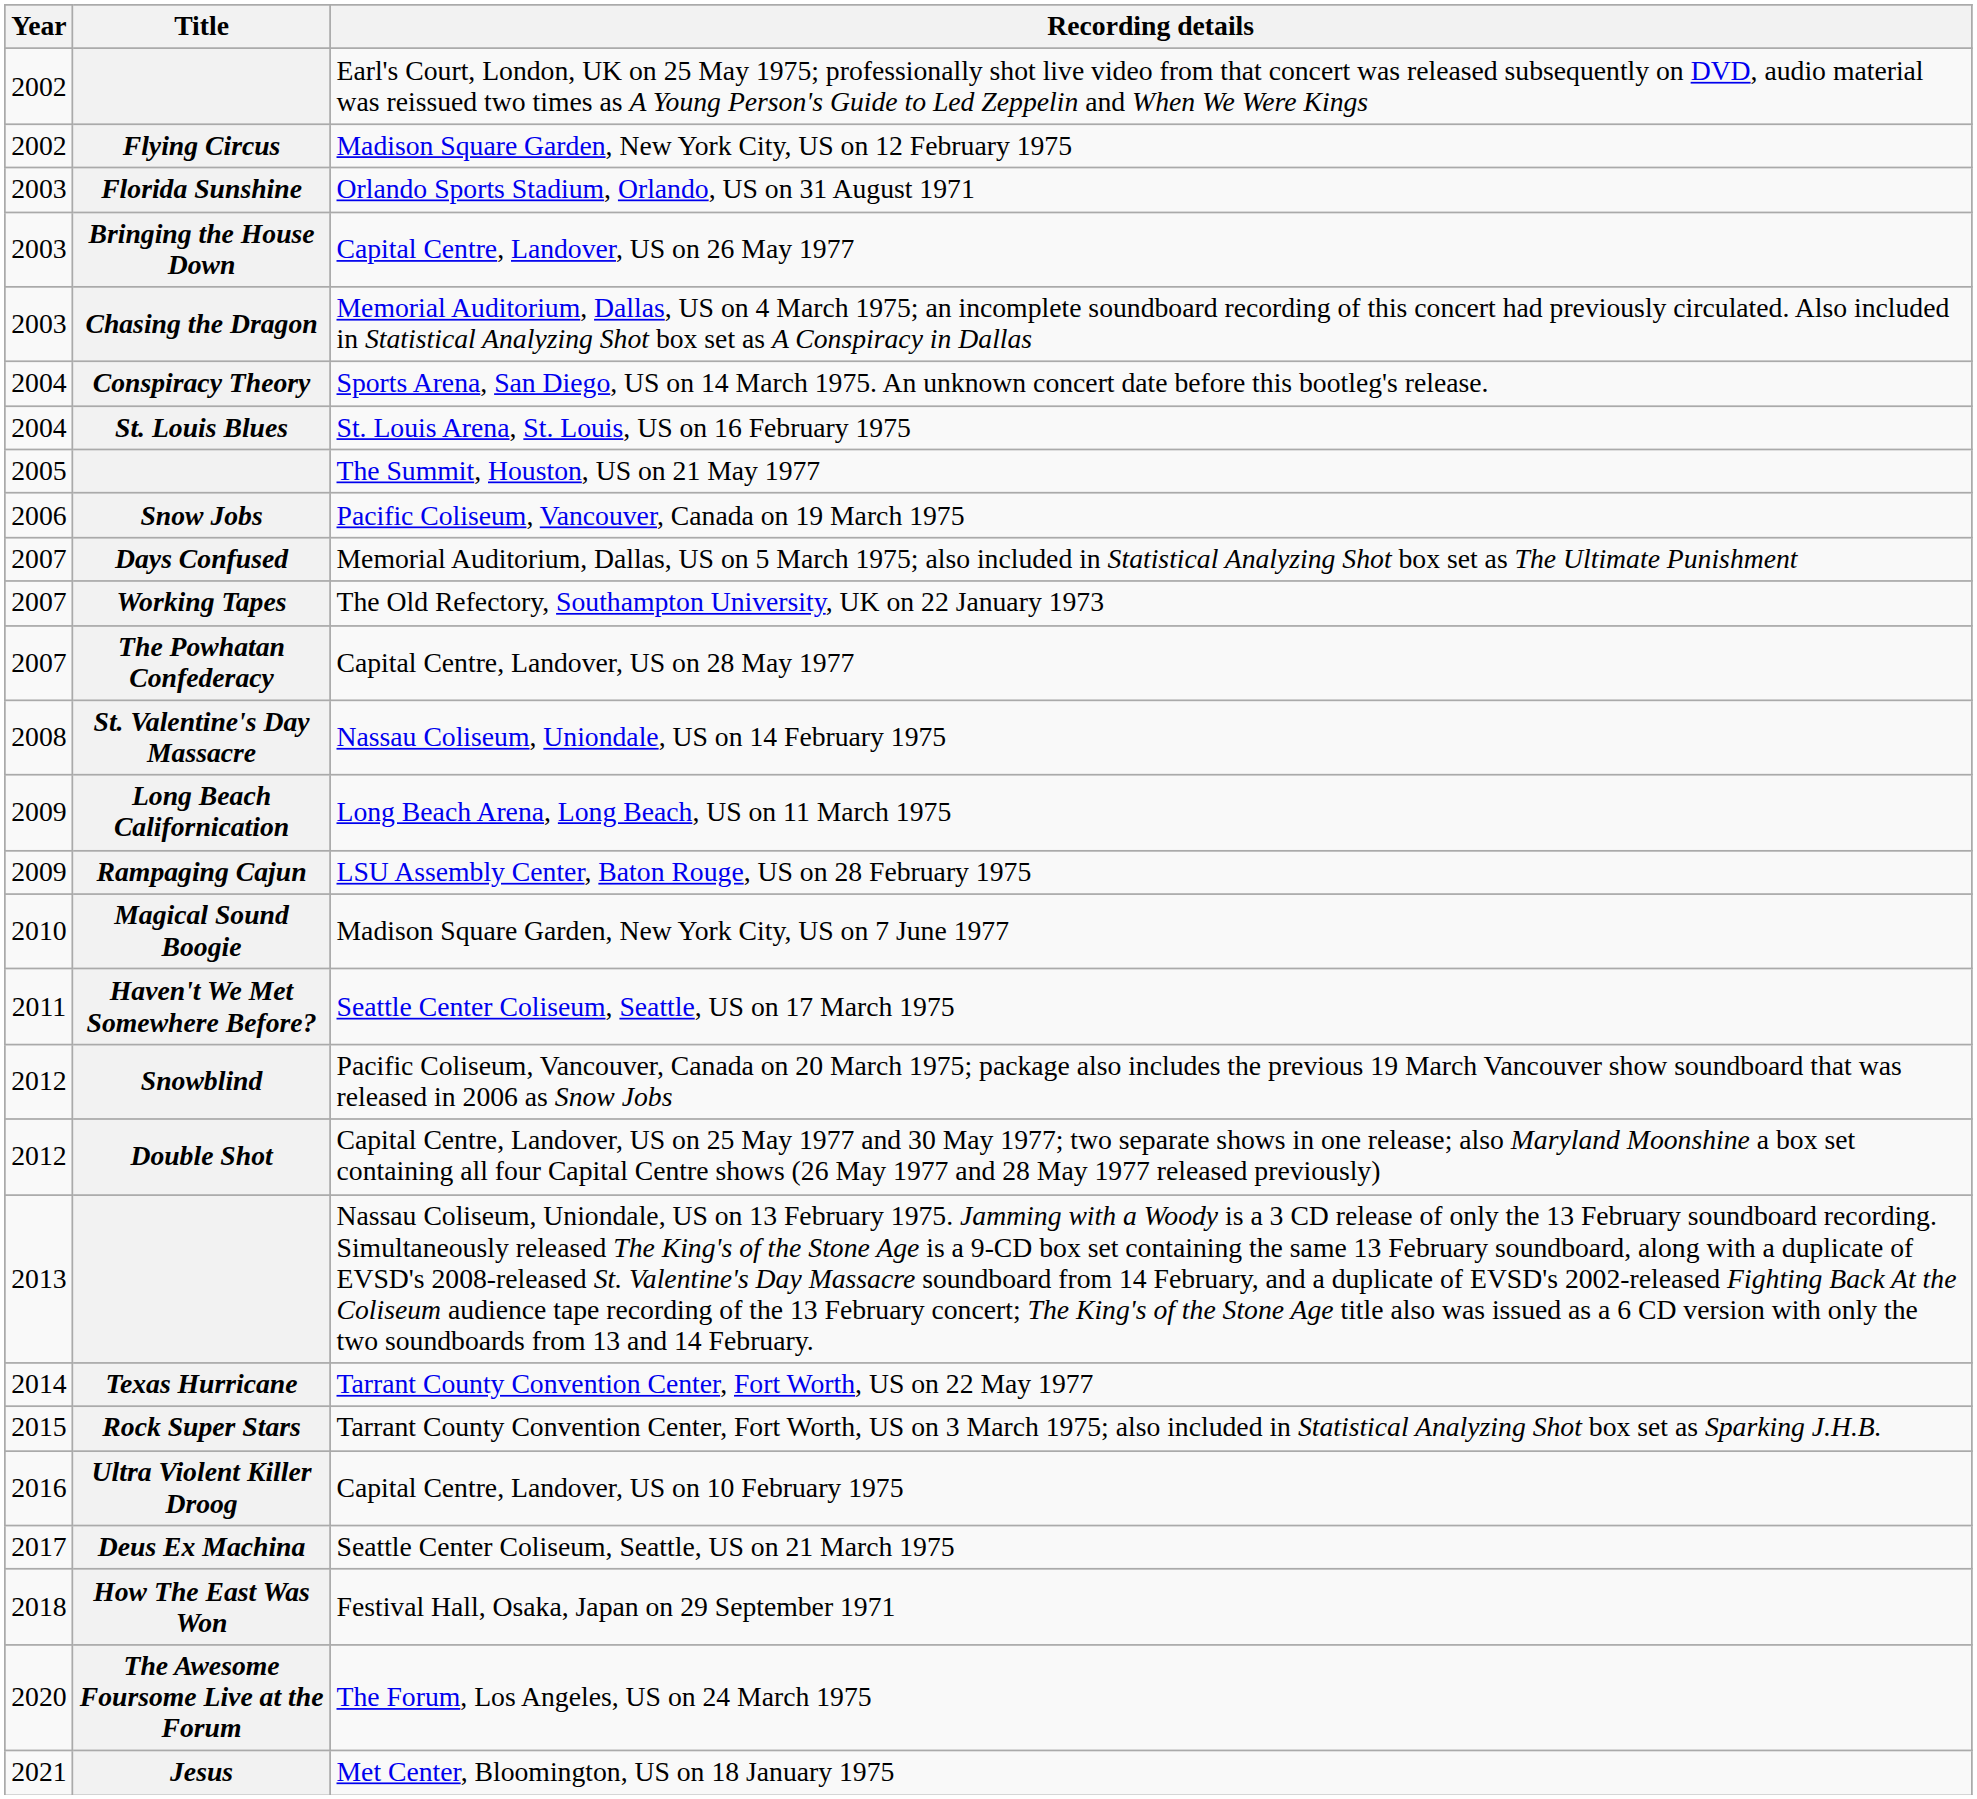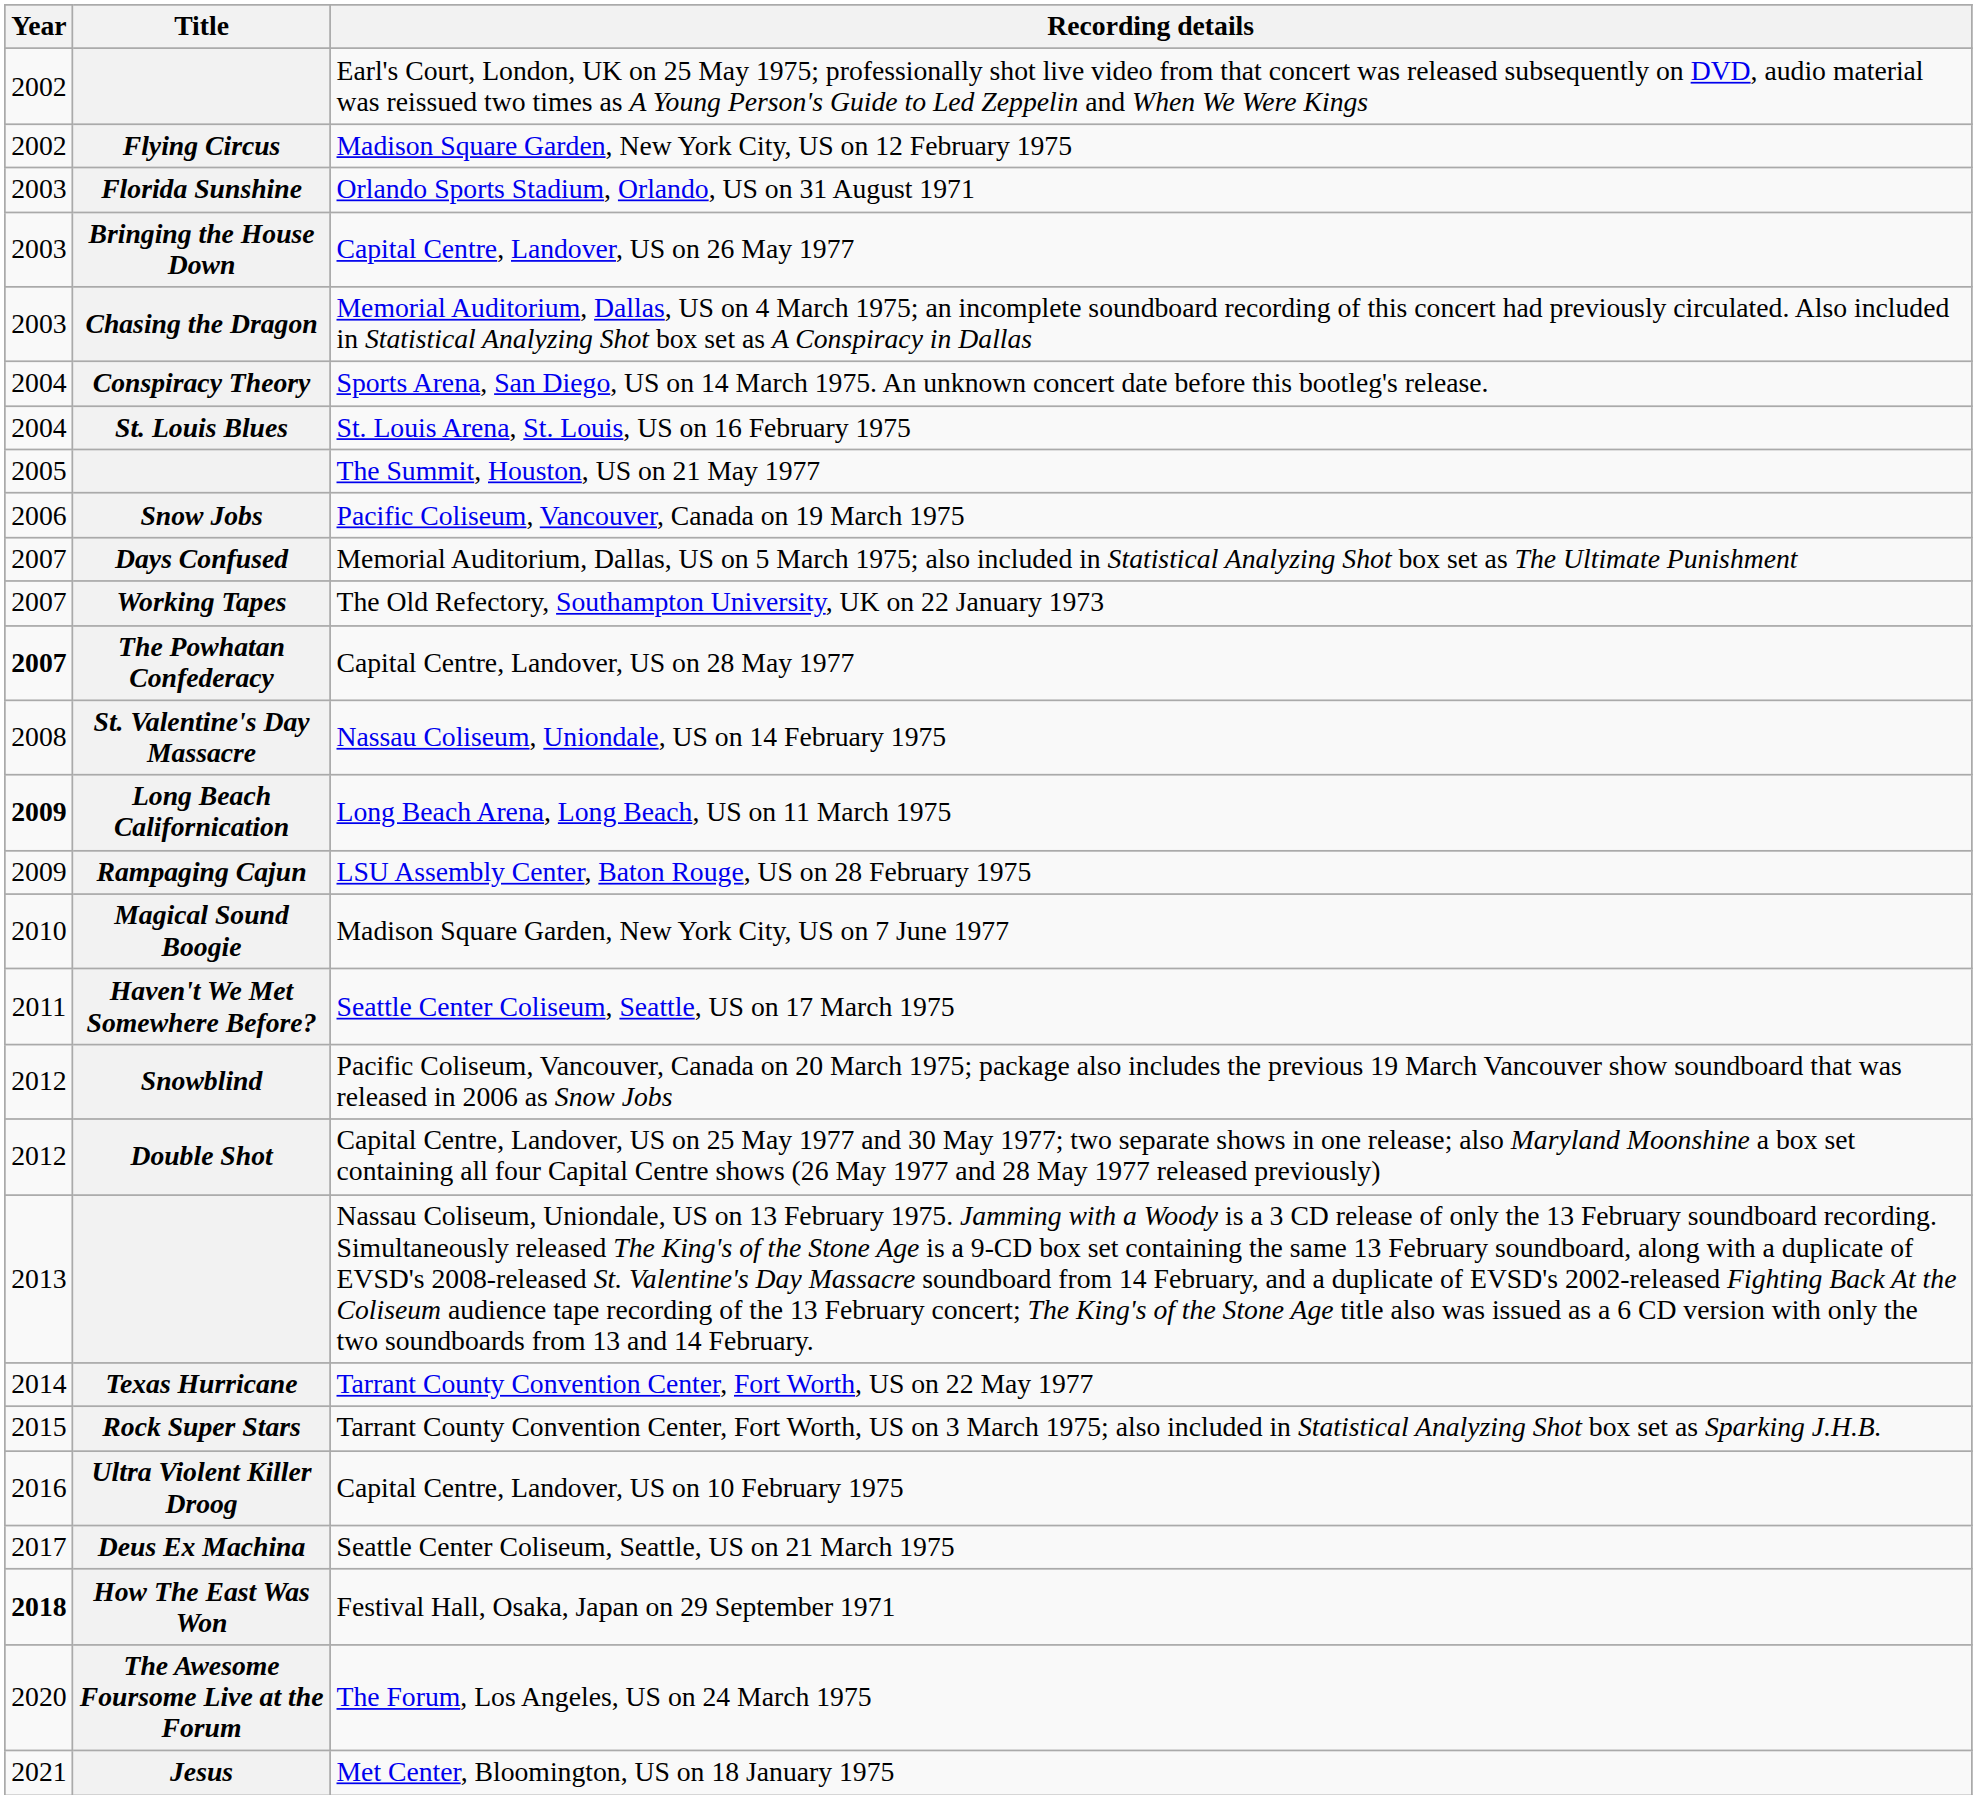 <table class="wikitable sortable plainrowheaders" width="90%"  style="padding: 5px; align: center;">
 <tr>
 <th scope="col">Year</th>
 <th scope="col">Title</th>
 <th scope="col" class="unsortable">Recording details</th>
 </tr>
 <tr>
 <td style="text-align:center;">2002</td>
 <th scope="row"><em></em></th>
 <td>Earl's Court, London, UK on 25 May 1975; professionally shot live video from that concert was released subsequently on <a href='#'>DVD</a>, audio material was reissued two times as <em>A Young Person's Guide to Led Zeppelin</em> and <em>When We Were Kings</em></td>
 </tr>
 <tr>
 <td style="text-align:center;">2002</td>
 <th scope="row"><em>Flying Circus</em></th>
 <td><a href='#'>Madison Square Garden</a>, New York City, US on 12 February 1975</td>
 </tr>
 <tr>
 <td style="text-align:center;">2003</td>
 <th scope="row"><em>Florida Sunshine</em></th>
 <td><a href='#'>Orlando Sports Stadium</a>, <a href='#'>Orlando</a>, US on 31 August 1971</td>
 </tr>
 <tr>
 <td style="text-align:center;">2003</td>
 <th scope="row"><em>Bringing the House Down</em></th>
 <td><a href='#'>Capital Centre</a>, <a href='#'>Landover</a>, US on 26 May 1977</td>
 </tr>
 <tr>
 <td style="text-align:center;">2003</td>
 <th scope="row"><em>Chasing the Dragon</em></th>
 <td><a href='#'>Memorial Auditorium</a>, <a href='#'>Dallas</a>, US on 4 March 1975; an incomplete soundboard recording of this concert had previously circulated.  Also included in <em>Statistical Analyzing Shot</em> box set as <em>A Conspiracy in Dallas</em></td>
 </tr>
 <tr>
 <td style="text-align:center;">2004</td>
 <th scope="row"><em>Conspiracy Theory</em></th>
 <td><a href='#'>Sports Arena</a>, <a href='#'>San Diego</a>, US on 14 March 1975.  An unknown concert date before this bootleg's release.</td>
 </tr>
 <tr>
 <td style="text-align:center;">2004</td>
 <th scope="row"><em>St. Louis Blues</em></th>
 <td><a href='#'>St. Louis Arena</a>, <a href='#'>St. Louis</a>, US on 16 February 1975</td>
 </tr>
 <tr>
 <td style="text-align:center;">2005</td>
 <th scope="row"><em></em></th>
 <td><a href='#'>The Summit</a>, <a href='#'>Houston</a>, US on 21 May 1977</td>
 </tr>
 <tr>
 <td style="text-align:center;">2006</td>
 <th scope="row"><em>Snow Jobs</em></th>
 <td><a href='#'>Pacific Coliseum</a>, <a href='#'>Vancouver</a>, Canada on 19 March 1975</td>
 </tr>
 <tr>
 <td style="text-align:center;">2007</td>
 <th scope="row"><em>Days Confused</em></th>
 <td>Memorial Auditorium, Dallas, US on 5 March 1975; also included in <em>Statistical Analyzing Shot</em> box set as <em>The Ultimate Punishment</em></td>
 </tr>
 <tr>
 <td style="text-align:center;">2007</td>
 <th scope="row"><em>Working Tapes</em></th>
 <td>The Old Refectory, <a href='#'>Southampton University</a>, UK on 22 January 1973</td>
 </tr>
 <tr>
-<td style="text-align:center;">2007</td>
+<td style="text-align:center;"><strong>2007</strong></td>
 <th scope="row"><em>The Powhatan Confederacy</em></th>
 <td>Capital Centre, Landover, US on 28 May 1977</td>
 </tr>
 <tr>
 <td style="text-align:center;">2008</td>
 <th scope="row"><em>St. Valentine's Day Massacre</em></th>
 <td><a href='#'>Nassau Coliseum</a>, <a href='#'>Uniondale</a>, US on 14 February 1975</td>
 </tr>
 <tr>
-<td style="text-align:center;">2009</td>
+<td style="text-align:center;"><strong>2009</strong></td>
 <th scope="row"><em>Long Beach Californication</em></th>
 <td><a href='#'>Long Beach Arena</a>, <a href='#'>Long Beach</a>, US on 11 March 1975</td>
 </tr>
 <tr>
 <td style="text-align:center;">2009</td>
 <th scope="row"><em>Rampaging Cajun</em></th>
 <td><a href='#'>LSU Assembly Center</a>, <a href='#'>Baton Rouge</a>, US on 28 February 1975</td>
 </tr>
 <tr>
 <td style="text-align:center;">2010</td>
 <th scope="row"><em>Magical Sound Boogie</em></th>
 <td>Madison Square Garden, New York City, US on 7 June 1977</td>
 </tr>
 <tr>
 <td style="text-align:center;">2011</td>
 <th scope="row"><em>Haven't We Met Somewhere Before?</em></th>
 <td><a href='#'>Seattle Center Coliseum</a>, <a href='#'>Seattle</a>, US on 17 March 1975</td>
 </tr>
 <tr>
 <td style="text-align:center;">2012</td>
 <th scope="row"><em>Snowblind</em></th>
 <td>Pacific Coliseum, Vancouver, Canada on 20 March 1975; package also includes the previous 19 March Vancouver show soundboard that was released in 2006 as <em>Snow Jobs</em></td>
 </tr>
 <tr>
 <td style="text-align:center;">2012</td>
 <th scope="row"><em>Double Shot</em></th>
 <td>Capital Centre, Landover, US on 25 May 1977 and 30 May 1977; two separate shows in one release; also <em>Maryland Moonshine</em> a box set containing all four Capital Centre shows (26 May 1977 and 28 May 1977 released previously)</td>
 </tr>
 <tr>
 <td style="text-align:center;">2013</td>
 <th scope="row"><em></em></th>
 <td>Nassau Coliseum, Uniondale, US on 13 February 1975. <em>Jamming with a Woody</em> is a 3 CD release of only the 13 February soundboard recording. Simultaneously released <em>The King's of the Stone Age</em> is a 9-CD box set containing the same 13 February soundboard, along with a duplicate of EVSD's 2008-released <em>St. Valentine's Day Massacre</em> soundboard from 14 February, and a duplicate of EVSD's 2002-released <em>Fighting Back At the Coliseum</em> audience tape recording of the 13 February concert; <em>The King's of the Stone Age</em> title also was issued as a 6 CD version with only the two soundboards from 13 and 14 February.</td>
 </tr>
 <tr>
 <td style="text-align:center;">2014</td>
 <th scope="row"><em>Texas Hurricane</em></th>
 <td><a href='#'>Tarrant County Convention Center</a>, <a href='#'>Fort Worth</a>, US on 22 May 1977</td>
 </tr>
 <tr>
 <td style="text-align:center;">2015</td>
 <th scope="row"><em>Rock Super Stars</em></th>
 <td>Tarrant County Convention Center, Fort Worth, US on 3 March 1975; also included in <em>Statistical Analyzing Shot</em> box set as <em>Sparking J.H.B.</em></td>
 </tr>
 <tr>
 <td style="text-align:center;">2016</td>
 <th scope="row"><em>Ultra Violent Killer Droog</em></th>
 <td>Capital Centre, Landover, US on 10 February 1975</td>
 </tr>
 <tr>
 <td style="text-align:center;">2017</td>
 <th scope="row"><em>Deus Ex Machina</em></th>
 <td>Seattle Center Coliseum, Seattle, US on 21 March 1975</td>
 </tr>
 <tr>
-<td style="text-align:center;">2018</td>
+<td style="text-align:center;"><strong>2018</strong></td>
 <th scope="row"><em>How The East Was Won</em></th>
 <td>Festival Hall, Osaka, Japan on 29 September 1971</td>
 </tr>
 <tr>
 <td style="text-align:center;">2020</td>
 <th scope="row"><em>The Awesome Foursome Live at the Forum</em></th>
 <td><a href='#'>The Forum</a>, Los Angeles, US on 24 March 1975</td>
 </tr>
 <tr>
 <td style="text-align:center;">2021</td>
 <th scope="row"><em>Jesus</em></th>
 <td><a href='#'>Met Center</a>, Bloomington, US on 18 January 1975</td>
 </tr>
 </table>
